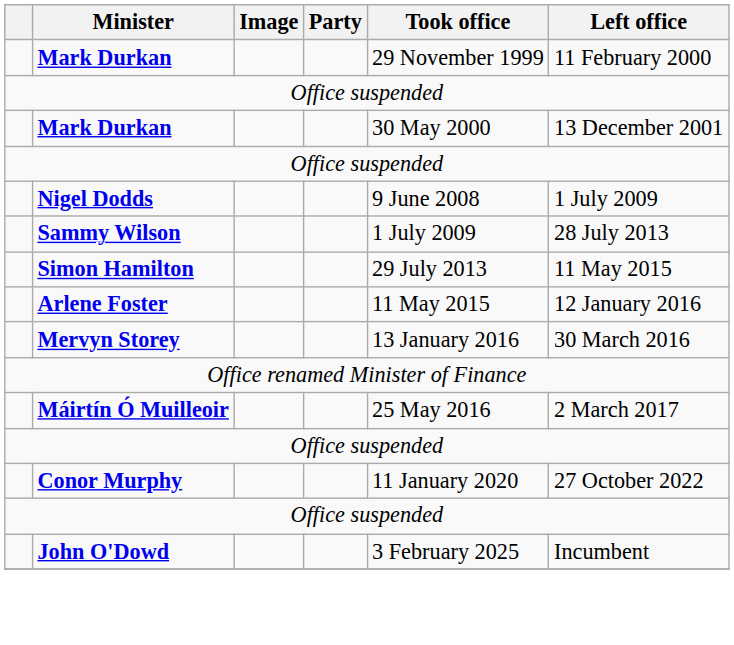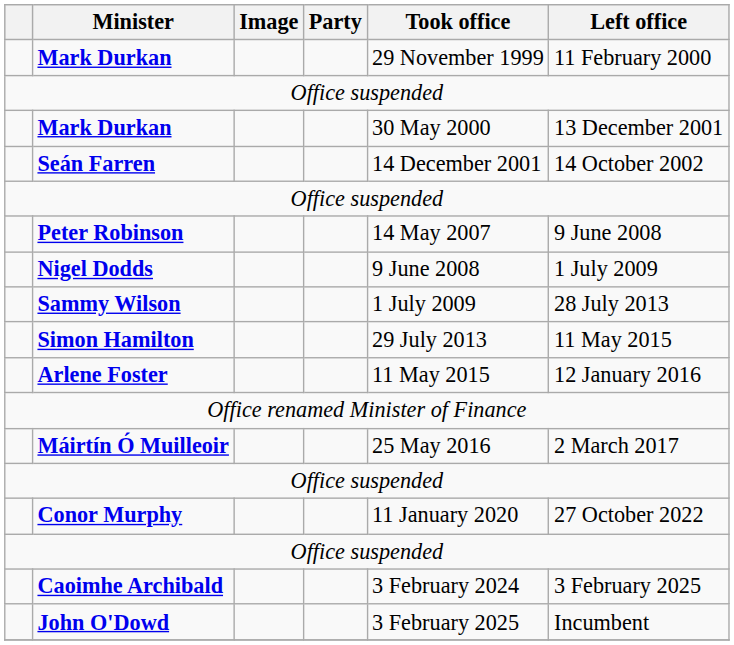 <table class="wikitable" style="margin: 1em auto 1em auto">
 <tr bgcolor=cccccc>
 <th></th>
 <th>Minister</th>
 <th>Image</th>
 <th>Party</th>
 <th>Took office</th>
 <th>Left office</th>
 </tr>
 <tr>
 <td style="background:">   </td>
 <td><strong><a href='#'>Mark Durkan</a></strong></td>
 <td></td>
 <td></td>
 <td>29 November 1999</td>
 <td>11 February 2000</td>
 </tr>
 <tr>
 <td colspan="6" align="center"><em>Office suspended</em></td>
 </tr>
 <tr>
 <td style="background:">   </td>
 <td><strong><a href='#'>Mark Durkan</a></strong></td>
 <td></td>
 <td></td>
 <td>30 May 2000</td>
 <td>13 December 2001</td>
 </tr>
 <tr>
+<td style="background:">   </td>
+<td><strong><a href='#'>Seán Farren</a></strong></td>
+<td></td>
+<td></td>
+<td>14 December 2001</td>
+<td>14 October 2002</td>
+</tr>
+<tr>
 <td colspan="6" align="center"><em>Office suspended</em></td>
+</tr>
+<tr>
+<td style="background:">   </td>
+<td><strong><a href='#'>Peter Robinson</a></strong></td>
+<td></td>
+<td></td>
+<td>14 May 2007</td>
+<td>9 June 2008</td>
 </tr>
 <tr>
 <td style="background:">   </td>
 <td><strong><a href='#'>Nigel Dodds</a></strong></td>
 <td></td>
 <td></td>
 <td>9 June 2008</td>
 <td>1 July 2009</td>
 </tr>
 <tr>
 <td style="background:">   </td>
 <td><strong><a href='#'>Sammy Wilson</a></strong></td>
 <td></td>
 <td></td>
 <td>1 July 2009</td>
 <td>28 July 2013</td>
 </tr>
 <tr>
 <td style="background:">   </td>
 <td><strong><a href='#'>Simon Hamilton</a></strong></td>
 <td></td>
 <td></td>
 <td>29 July 2013</td>
 <td>11 May 2015</td>
 </tr>
 <tr>
 <td style="background:">   </td>
 <td><strong><a href='#'>Arlene Foster</a></strong></td>
 <td></td>
 <td></td>
 <td>11 May 2015</td>
 <td>12 January 2016</td>
 </tr>
 <tr>
-<td style="background:">   </td>
-<td><strong><a href='#'>Mervyn Storey</a></strong></td>
-<td></td>
-<td></td>
-<td>13 January 2016</td>
-<td>30 March 2016</td>
-</tr>
-<tr>
 <td colspan="6" align="center"><em>Office renamed Minister of Finance</em></td>
 </tr>
 <tr>
 <td style="background:">   </td>
 <td><strong><a href='#'>Máirtín Ó Muilleoir</a></strong></td>
 <td></td>
 <td></td>
 <td>25 May 2016</td>
 <td>2 March 2017</td>
 </tr>
 <tr>
 <td colspan="6" align="center"><em>Office suspended</em></td>
 </tr>
 <tr>
 <td style="background:">   </td>
 <td><strong><a href='#'>Conor Murphy</a></strong></td>
 <td></td>
 <td></td>
 <td>11 January 2020</td>
 <td>27 October 2022</td>
 </tr>
 <tr>
 <td colspan="6" align="center"><em>Office suspended</em></td>
 </tr>
 <tr>
+<td style="background:">   </td>
+<td><strong><a href='#'>Caoimhe Archibald</a></strong></td>
+<td></td>
+<td></td>
+<td>3 February 2024</td>
+<td>3 February 2025</td>
+</tr>
+<tr>
 <td style="background:"></td>
 <td><strong><a href='#'>John O'Dowd</a></strong></td>
 <td></td>
 <td></td>
 <td>3 February 2025</td>
 <td>Incumbent</td>
 </tr>
 <tr>
 </tr>
 </table>
